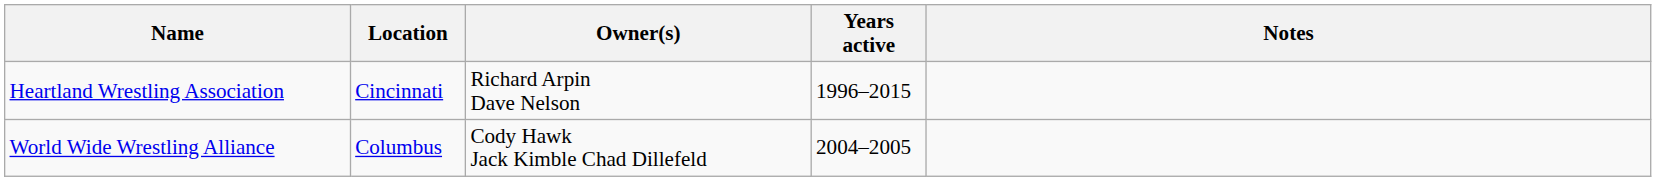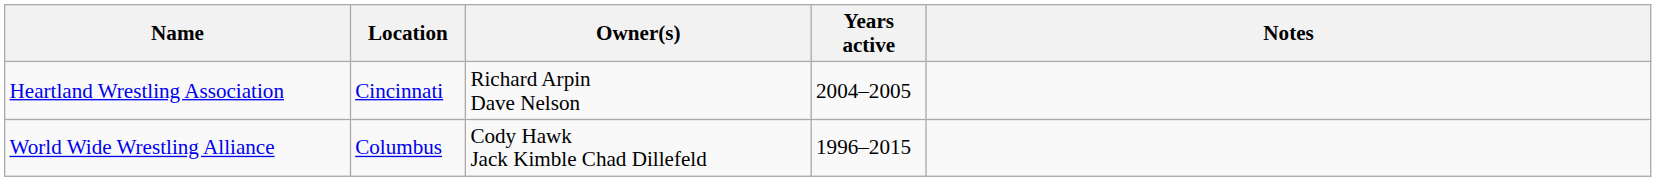 <table class="wikitable">
 <tr>
 <th style="width:21%;">Name</th>
 <th style="width:7%;">Location</th>
 <th style="width:21%;">Owner(s)</th>
 <th style="width:7%;">Years active</th>
 <th style="width:55%;">Notes</th>
 </tr>
 <tr>
 <td><a href='#'>Heartland Wrestling Association</a></td>
 <td><a href='#'>Cincinnati</a></td>
 <td>Richard Arpin<br>Dave Nelson</td>
-<td>1996–2015</td>
+<td>2004–2005</td>
 <td></td>
 </tr>
 <tr>
 <td><a href='#'>World Wide Wrestling Alliance</a></td>
 <td><a href='#'>Columbus</a></td>
 <td>Cody Hawk<br>Jack Kimble Chad Dillefeld</td>
-<td>2004–2005</td>
+<td>1996–2015</td>
 <td></td>
 </tr>
 </table>
